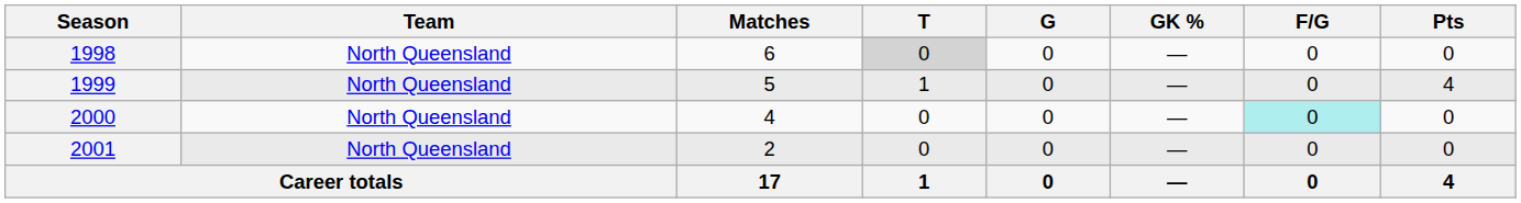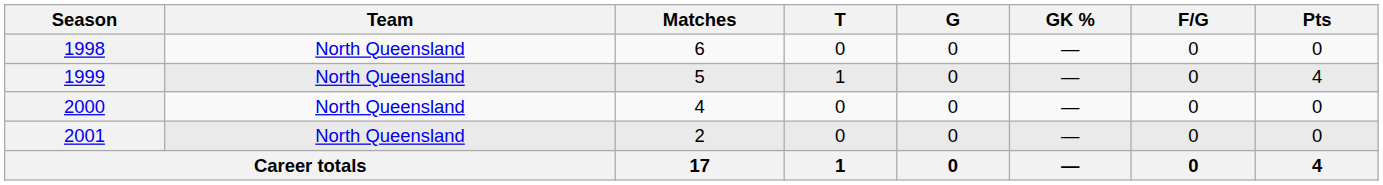 <table class="wikitable sortable"  style="font-size:90%; text-align:center; width:85%;">
 <tr>
 <th width=2%>Season</th>
 <th width=8%>Team</th>
 <th width=2%>Matches</th>
 <th width=2%>T</th>
 <th width=2%>G</th>
 <th width=2%>GK %</th>
 <th width=2%>F/G</th>
 <th width=2%>Pts</th>
 </tr>
 <tr>
 <th scope="row" style="text-align:center; font-weight:normal"><a href='#'>1998</a></th>
 <td style="text-align:center;"> <a href='#'>North Queensland</a></td>
 <td>6</td>
-<td style="background: lightgrey;">0</td>
+<td>0</td>
 <td>0</td>
 <td>—</td>
 <td>0</td>
 <td>0</td>
 </tr>
 <tr style="background:#eaeaea;">
 <th scope="row" style="text-align:center; font-weight:normal"><a href='#'>1999</a></th>
 <td style="text-align:center;"> <a href='#'>North Queensland</a></td>
 <td>5</td>
 <td>1</td>
 <td>0</td>
 <td>—</td>
 <td>0</td>
 <td>4</td>
 </tr>
 <tr>
 <th scope="row" style="text-align:center; font-weight:normal"><a href='#'>2000</a></th>
 <td style="text-align:center;"> <a href='#'>North Queensland</a></td>
 <td>4</td>
 <td>0</td>
 <td>0</td>
 <td>—</td>
-<td style="background: paleturquoise;">0</td>
+<td>0</td>
 <td>0</td>
 </tr>
 <tr style="background:#eaeaea;">
 <th scope="row" style="text-align:center; font-weight:normal"><a href='#'>2001</a></th>
 <td style="text-align:center;"> <a href='#'>North Queensland</a></td>
 <td>2</td>
 <td>0</td>
 <td>0</td>
 <td>—</td>
 <td>0</td>
 <td>0</td>
 </tr>
 <tr class="sortbottom">
 <th colspan=2>Career totals</th>
 <th>17</th>
 <th>1</th>
 <th>0</th>
 <th>—</th>
 <th>0</th>
 <th>4</th>
 </tr>
 </table>
